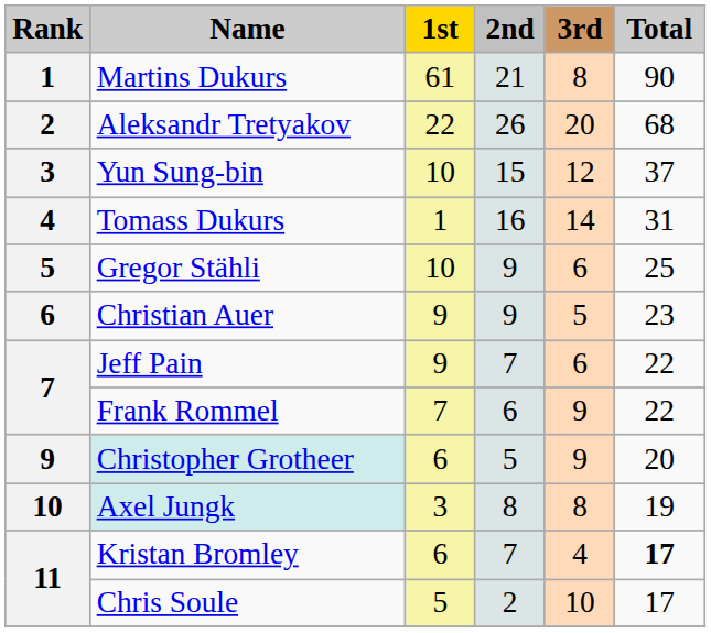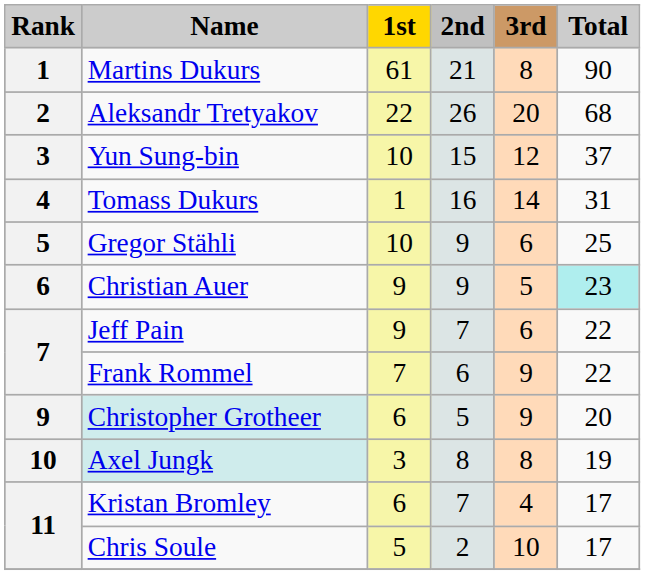 <table class="wikitable">
 <tr>
 <th style="background-color: #ccc;" width="30">Rank</th>
 <th style="background-color: #ccc;" width="160">Name</th>
 <th style="background:gold; width:10%">1st</th>
 <th style="background-color: #C0C0C0" width="10%">2nd</th>
 <th style="background-color: #cc9966;" width="10%">3rd</th>
 <th style="background-color: #ccc;" width="40">Total</th>
 </tr>
 <tr align="center">
 <th>1</th>
 <td align=left> <a href='#'>Martins Dukurs</a></td>
 <td style="background:#F7F6A8;">61</td>
 <td style="background:#DCE5E5;">21</td>
 <td style="background:#FFDAB9;">8</td>
 <td align="center">90</td>
 </tr>
 <tr align=center>
 <th>2</th>
 <td align=left> <a href='#'>Aleksandr Tretyakov</a></td>
 <td style="background:#F7F6A8;">22</td>
 <td style="background:#DCE5E5;">26</td>
 <td style="background:#FFDAB9;">20</td>
 <td align="center">68</td>
 </tr>
 <tr align=center>
 <th>3</th>
 <td align=left> <a href='#'>Yun Sung-bin</a></td>
 <td style="background:#F7F6A8;">10</td>
 <td style="background:#DCE5E5;">15</td>
 <td style="background:#FFDAB9;">12</td>
 <td align="center">37</td>
 </tr>
 <tr align=center>
 <th>4</th>
 <td align=left> <a href='#'>Tomass Dukurs</a></td>
 <td style="background:#F7F6A8;">1</td>
 <td style="background:#DCE5E5;">16</td>
 <td style="background:#FFDAB9;">14</td>
 <td align="center">31</td>
 </tr>
 <tr align=center>
 <th>5</th>
 <td align=left> <a href='#'>Gregor Stähli</a></td>
 <td style="background:#F7F6A8;">10</td>
 <td style="background:#DCE5E5;">9</td>
 <td style="background:#FFDAB9;">6</td>
 <td align="center">25</td>
 </tr>
 <tr align=center>
 <th>6</th>
 <td align=left> <a href='#'>Christian Auer</a></td>
 <td style="background:#F7F6A8;">9</td>
 <td style="background:#DCE5E5;">9</td>
 <td style="background:#FFDAB9;">5</td>
-<td align="center">23</td>
+<td align="center" style="background: paleturquoise;">23</td>
 </tr>
 <tr align=center>
 <th rowspan=2>7</th>
 <td align=left> <a href='#'>Jeff Pain</a></td>
 <td style="background:#F7F6A8;">9</td>
 <td style="background:#DCE5E5;">7</td>
 <td style="background:#FFDAB9;">6</td>
 <td align="center">22</td>
 </tr>
 <tr align=center>
 <td align=left> <a href='#'>Frank Rommel</a></td>
 <td style="background:#F7F6A8;">7</td>
 <td style="background:#DCE5E5;">6</td>
 <td style="background:#FFDAB9;">9</td>
 <td align="center">22</td>
 </tr>
 <tr align=center>
 <th>9</th>
 <td align=left bgcolor=CFECEC> <a href='#'>Christopher Grotheer</a></td>
 <td style="background:#F7F6A8;">6</td>
 <td style="background:#DCE5E5;">5</td>
 <td style="background:#FFDAB9;">9</td>
 <td align="center">20</td>
 </tr>
 <tr align=center>
 <th>10</th>
 <td align=left bgcolor=CFECEC> <a href='#'>Axel Jungk</a></td>
 <td style="background:#F7F6A8;">3</td>
 <td style="background:#DCE5E5;">8</td>
 <td style="background:#FFDAB9;">8</td>
 <td align="center">19</td>
 </tr>
 <tr align=center>
 <th rowspan=2>11</th>
 <td align=left> <a href='#'>Kristan Bromley</a></td>
 <td style="background:#F7F6A8;">6</td>
 <td style="background:#DCE5E5;">7</td>
 <td style="background:#FFDAB9;">4</td>
-<td align="center"><strong>17</strong></td>
+<td align="center">17</td>
 </tr>
 <tr align=center>
 <td align=left> <a href='#'>Chris Soule</a></td>
 <td style="background:#F7F6A8;">5</td>
 <td style="background:#DCE5E5;">2</td>
 <td style="background:#FFDAB9;">10</td>
 <td align="center">17</td>
 </tr>
 <tr align=center>
 </tr>
 </table>
